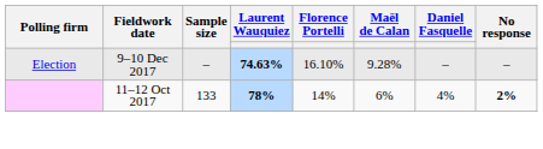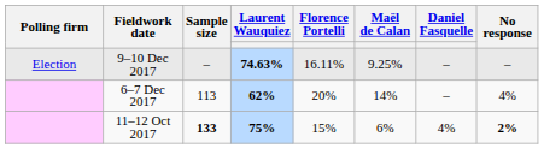 <table class="wikitable sortable" style="text-align:center;font-size:90%;line-height:14px;">
 <tr style="height:40px;">
 <th style="width:100px;" rowspan="2">Polling firm</th>
 <th style="width:80px;" rowspan="2">Fieldwork date</th>
 <th style="width:35px;" rowspan="2">Sample<br>size</th>
 <th class="unsortable" style="width:60px;"><a href='#'>Laurent Wauquiez</a></th>
 <th class="unsortable" style="width:60px;"><a href='#'>Florence Portelli</a></th>
 <th class="unsortable" style="width:60px;"><a href='#'>Maël<br>de Calan</a></th>
 <th class="unsortable" style="width:60px;"><a href='#'>Daniel Fasquelle</a></th>
 <th class="unsortable" style="width:60px;" rowspan="2">No response</th>
 </tr>
 <tr>
 <th style="background:"></th>
 <th style="background:"></th>
 <th style="background:"></th>
 <th style="background:"></th>
 </tr>
 <tr style="background-color:#E9E9E9;">
 <td><a href='#'>Election</a></td>
 <td data-sort-value="2017-12-10">9–10 Dec 2017</td>
 <td>–</td>
 <td style="background:#B9DAFF;"><strong>74.63%</strong></td>
-<td>16.10%</td>
-<td>9.28%</td>
+<td>16.11%</td>
+<td>9.25%</td>
 <td>–</td>
 <td>–</td>
 </tr>
 <tr>
 <td style="background:#FFCCFF;"></td>
+<td data-sort-value="2017-12-07">6–7 Dec 2017</td>
+<td>113</td>
+<td style="background:#B9DAFF;"><strong>62%</strong></td>
+<td>20%</td>
+<td>14%</td>
+<td>–</td>
+<td>4%</td>
+</tr>
+<tr>
+<td style="background:#FFCCFF;"></td>
 <td data-sort-value="2017-10-12">11–12 Oct 2017</td>
-<td>133</td>
-<td style="background:#B9DAFF;"><strong>78%</strong></td>
-<td>14%</td>
+<td><strong>133</strong></td>
+<td style="background:#B9DAFF;"><strong>75%</strong></td>
+<td>15%</td>
 <td>6%</td>
 <td>4%</td>
 <td><strong>2%</strong></td>
 </tr>
 </table>
